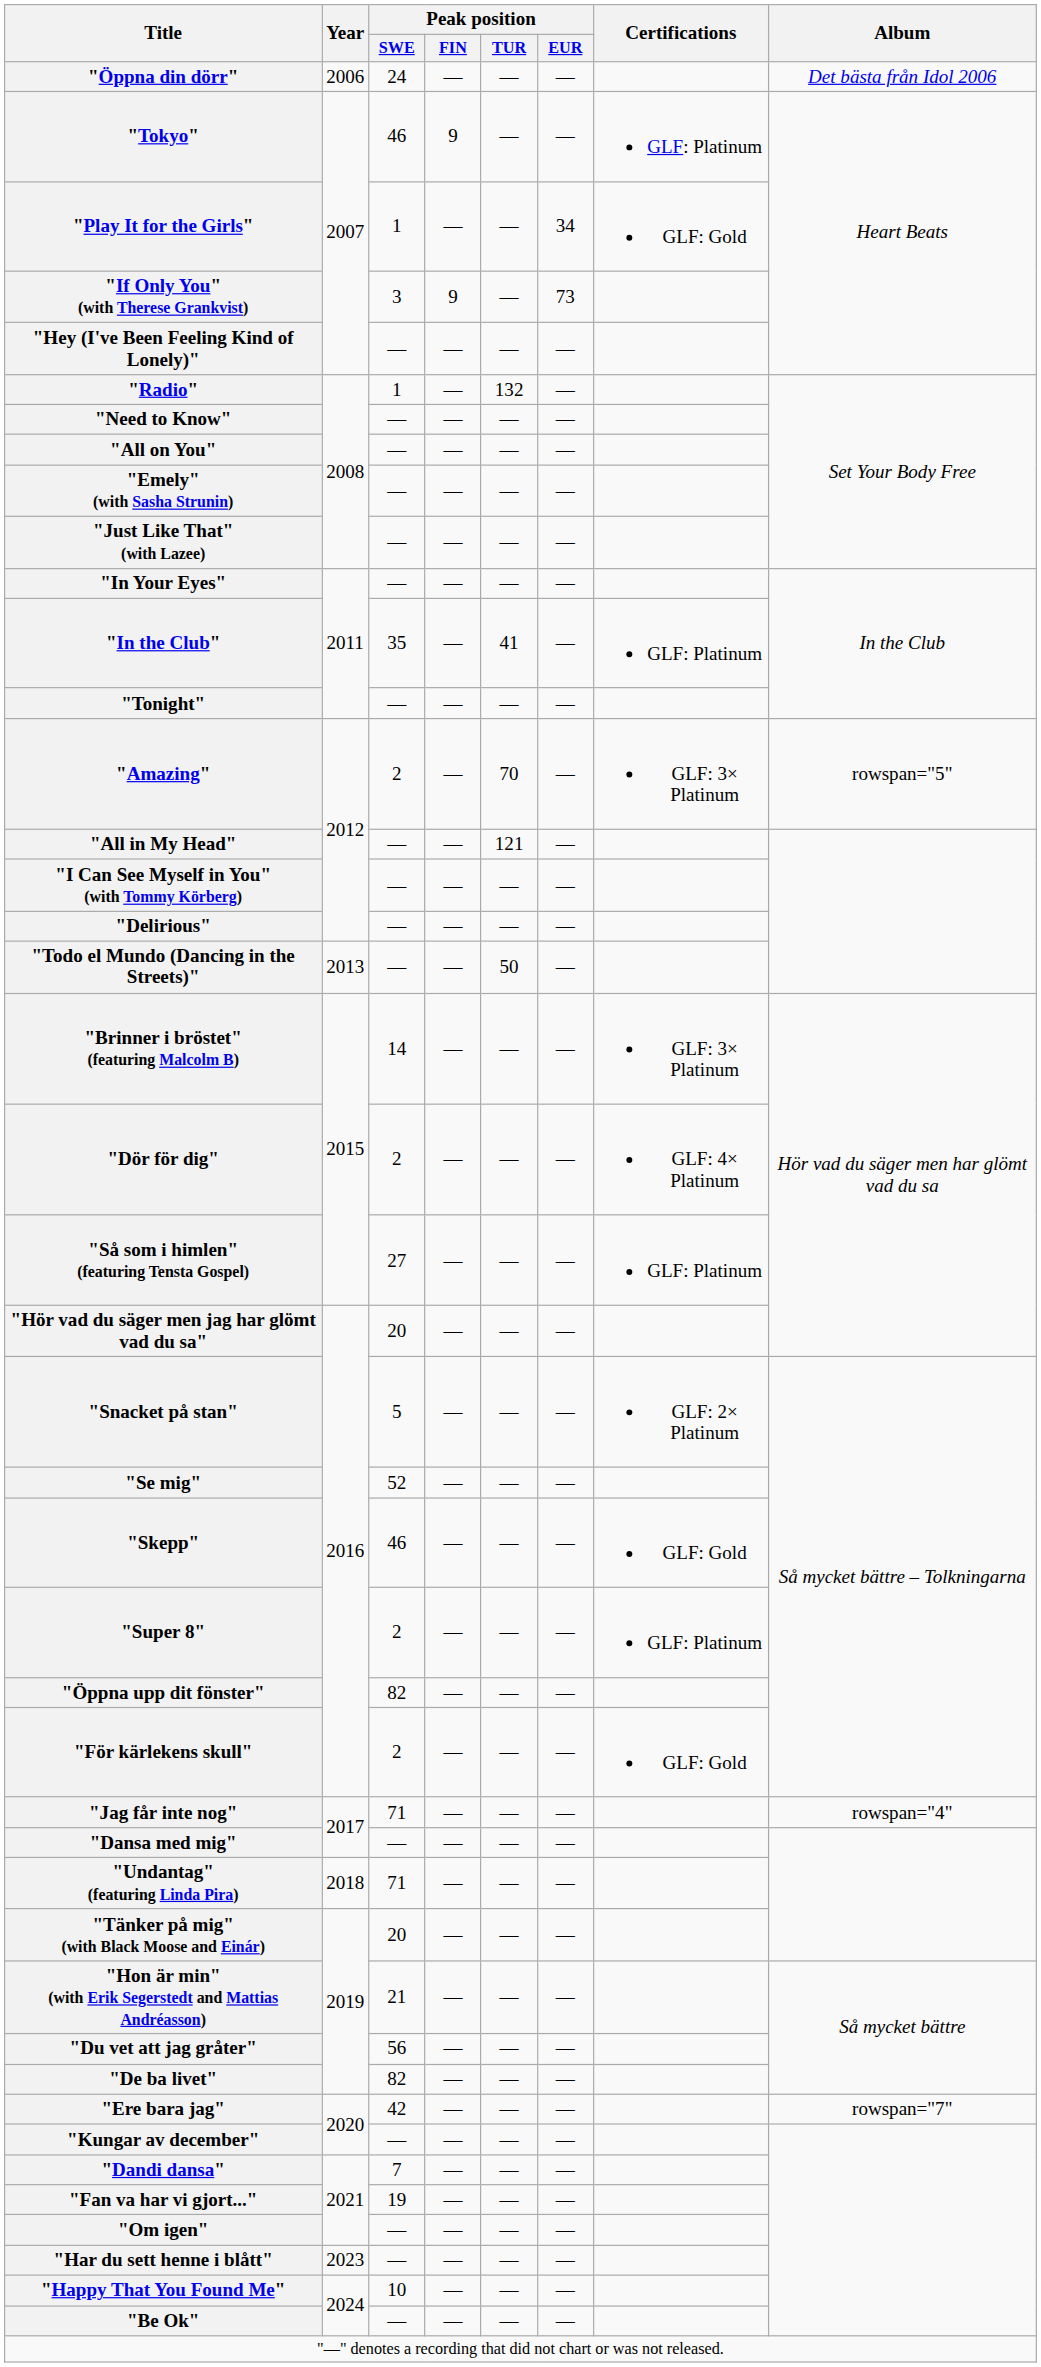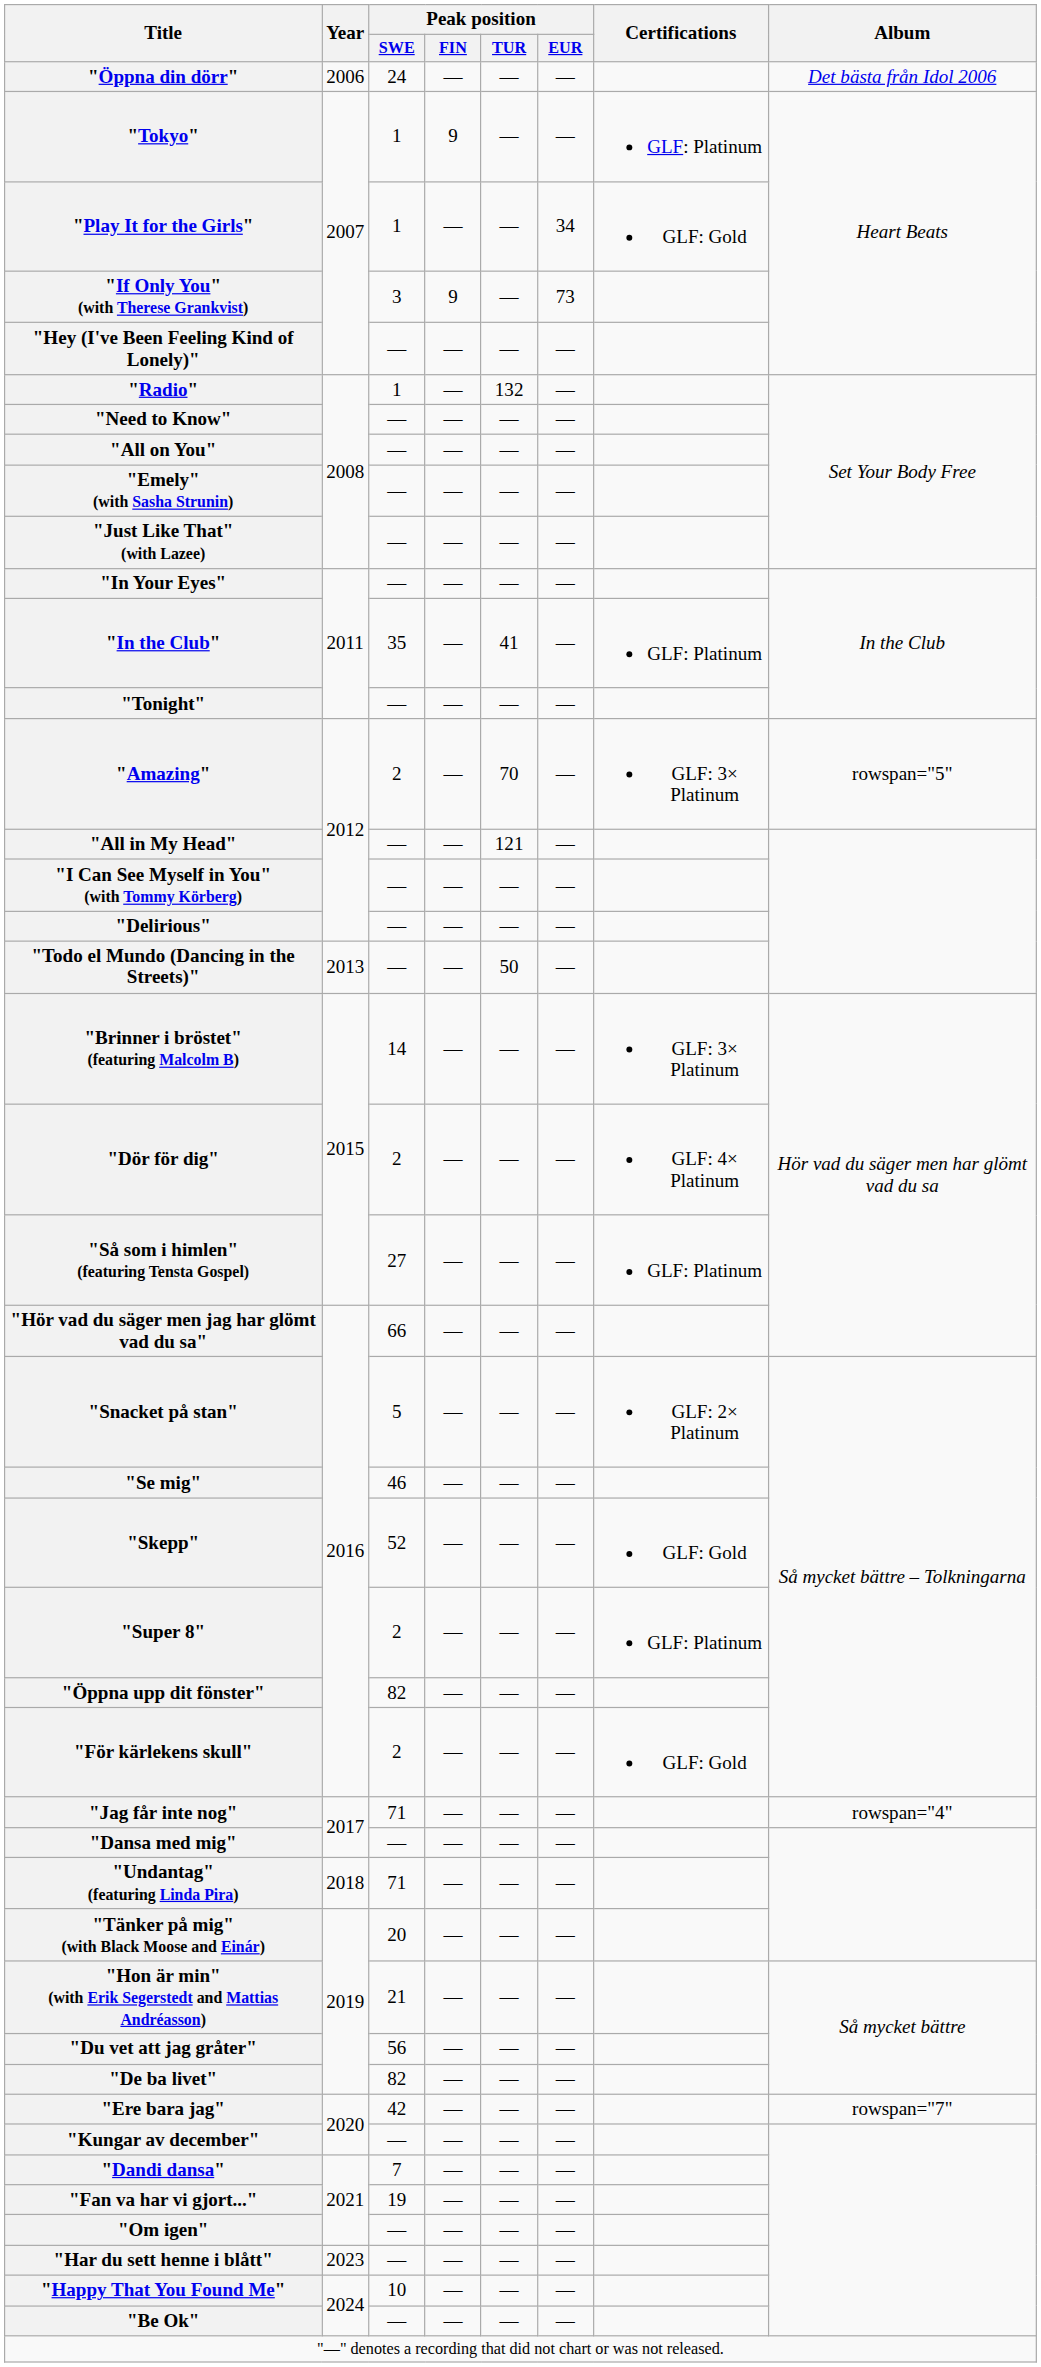 <table class="wikitable plainrowheaders" style="text-align:center;">
 <tr>
 <th rowspan="2">Title</th>
 <th rowspan="2">Year</th>
 <th colspan="4">Peak position</th>
 <th rowspan="2">Certifications</th>
 <th rowspan="2">Album</th>
 </tr>
 <tr>
 <th scope="col" style="width:3em;font-size:85%;"><a href='#'>SWE</a><br></th>
 <th scope="col" style="width:3em;font-size:85%;"><a href='#'>FIN</a></th>
 <th scope="col" style="width:3em;font-size:85%;"><a href='#'>TUR</a><br></th>
 <th scope="col" style="width:3em;font-size:85%;"><a href='#'>EUR</a></th>
 </tr>
 <tr>
 <th scope="row">"<a href='#'>Öppna din dörr</a>"</th>
 <td>2006</td>
 <td>24</td>
 <td>—</td>
 <td>—</td>
 <td>—</td>
 <td></td>
 <td><em><a href='#'>Det bästa från Idol 2006</a></em></td>
 </tr>
 <tr>
 <th scope="row">"<a href='#'>Tokyo</a>"</th>
 <td rowspan="4">2007</td>
-<td>46</td>
+<td>1</td>
 <td>9</td>
 <td>—</td>
 <td>—</td>
 <td><br><ul><li><a href='#'>GLF</a>: Platinum</li></ul></td>
 <td rowspan="4"><em>Heart Beats</em></td>
 </tr>
 <tr>
 <th scope="row">"<a href='#'>Play It for the Girls</a>"</th>
 <td>1</td>
 <td>—</td>
 <td>—</td>
 <td>34</td>
 <td><br><ul><li>GLF: Gold</li></ul></td>
 </tr>
 <tr>
 <th scope="row">"<a href='#'>If Only You</a>"<br><small>(with <a href='#'>Therese Grankvist</a>)</small></th>
 <td>3</td>
 <td>9</td>
 <td>—</td>
 <td>73</td>
 <td></td>
 </tr>
 <tr>
 <th scope="row">"Hey (I've Been Feeling Kind of Lonely)"</th>
 <td>—</td>
 <td>—</td>
 <td>—</td>
 <td>—</td>
 <td></td>
 </tr>
 <tr>
 <th scope="row">"<a href='#'>Radio</a>"</th>
 <td rowspan="5">2008</td>
 <td>1</td>
 <td>—</td>
 <td>132</td>
 <td>—</td>
 <td></td>
 <td rowspan="5"><em>Set Your Body Free</em></td>
 </tr>
 <tr>
 <th scope="row">"Need to Know"</th>
 <td>—</td>
 <td>—</td>
 <td>—</td>
 <td>—</td>
 <td></td>
 </tr>
 <tr>
 <th scope="row">"All on You"</th>
 <td>—</td>
 <td>—</td>
 <td>—</td>
 <td>—</td>
 <td></td>
 </tr>
 <tr>
 <th scope="row">"Emely"<br><small>(with <a href='#'>Sasha Strunin</a>)</small></th>
 <td>—</td>
 <td>—</td>
 <td>—</td>
 <td>—</td>
 <td></td>
 </tr>
 <tr>
 <th scope="row">"Just Like That"<br><small>(with Lazee)</small></th>
 <td>—</td>
 <td>—</td>
 <td>—</td>
 <td>—</td>
 <td></td>
 </tr>
 <tr>
 <th scope="row">"In Your Eyes"</th>
 <td rowspan="3">2011</td>
 <td>—</td>
 <td>—</td>
 <td>—</td>
 <td>—</td>
 <td></td>
 <td rowspan="3"><em>In the Club</em></td>
 </tr>
 <tr>
 <th scope="row">"<a href='#'>In the Club</a>"</th>
 <td>35</td>
 <td>—</td>
 <td>41</td>
 <td>—</td>
 <td><br><ul><li>GLF: Platinum</li></ul></td>
 </tr>
 <tr>
 <th scope="row">"Tonight"</th>
 <td>—</td>
 <td>—</td>
 <td>—</td>
 <td>—</td>
 <td></td>
 </tr>
 <tr>
 <th scope="row">"<a href='#'>Amazing</a>"</th>
 <td rowspan="4">2012</td>
 <td>2</td>
 <td>—</td>
 <td>70</td>
 <td>—</td>
 <td><br><ul><li>GLF: 3× Platinum</li></ul></td>
 <td>rowspan="5" </td>
 </tr>
 <tr>
 <th scope="row">"All in My Head"</th>
 <td>—</td>
 <td>—</td>
 <td>121</td>
 <td>—</td>
 <td></td>
 </tr>
 <tr>
 <th scope="row">"I Can See Myself in You"<br><small>(with <a href='#'>Tommy Körberg</a>)</small></th>
 <td>—</td>
 <td>—</td>
 <td>—</td>
 <td>—</td>
 <td></td>
 </tr>
 <tr>
 <th scope="row">"Delirious"</th>
 <td>—</td>
 <td>—</td>
 <td>—</td>
 <td>—</td>
 <td></td>
 </tr>
 <tr>
 <th scope="row">"Todo el Mundo (Dancing in the Streets)"</th>
 <td>2013</td>
 <td>—</td>
 <td>—</td>
 <td>50</td>
 <td>—</td>
 <td></td>
 </tr>
 <tr>
 <th scope="row">"Brinner i bröstet"<br><small>(featuring <a href='#'>Malcolm B</a>)</small></th>
 <td rowspan="3">2015</td>
 <td>14</td>
 <td>—</td>
 <td>—</td>
 <td>—</td>
 <td><br><ul><li>GLF: 3× Platinum</li></ul></td>
 <td rowspan="4"><em>Hör vad du säger men har glömt vad du sa</em></td>
 </tr>
 <tr>
 <th scope="row">"Dör för dig"</th>
 <td>2</td>
 <td>—</td>
 <td>—</td>
 <td>—</td>
 <td><br><ul><li>GLF: 4× Platinum</li></ul></td>
 </tr>
 <tr>
 <th scope="row">"Så som i himlen"<br><small>(featuring Tensta Gospel)</small></th>
 <td>27</td>
 <td>—</td>
 <td>—</td>
 <td>—</td>
 <td><br><ul><li>GLF: Platinum</li></ul></td>
 </tr>
 <tr>
 <th scope="row">"Hör vad du säger men jag har glömt vad du sa"</th>
 <td rowspan="7">2016</td>
-<td>20</td>
+<td>66</td>
 <td>—</td>
 <td>—</td>
 <td>—</td>
 <td></td>
 </tr>
 <tr>
 <th scope="row">"Snacket på stan"</th>
 <td>5</td>
 <td>—</td>
 <td>—</td>
 <td>—</td>
 <td><br><ul><li>GLF: 2× Platinum</li></ul></td>
 <td rowspan="6"><em>Så mycket bättre – Tolkningarna</em></td>
 </tr>
 <tr>
 <th scope="row">"Se mig"</th>
-<td>52</td>
+<td>46</td>
 <td>—</td>
 <td>—</td>
 <td>—</td>
 <td></td>
 </tr>
 <tr>
 <th scope="row">"Skepp"</th>
-<td>46</td>
+<td>52</td>
 <td>—</td>
 <td>—</td>
 <td>—</td>
 <td><br><ul><li>GLF: Gold</li></ul></td>
 </tr>
 <tr>
 <th scope="row">"Super 8"</th>
 <td>2</td>
 <td>—</td>
 <td>—</td>
 <td>—</td>
 <td><br><ul><li>GLF: Platinum</li></ul></td>
 </tr>
 <tr>
 <th scope="row">"Öppna upp dit fönster"</th>
 <td>82</td>
 <td>—</td>
 <td>—</td>
 <td>—</td>
 <td></td>
 </tr>
 <tr>
 <th scope="row">"För kärlekens skull"</th>
 <td>2</td>
 <td>—</td>
 <td>—</td>
 <td>—</td>
 <td><br><ul><li>GLF: Gold</li></ul></td>
 </tr>
 <tr>
 <th scope="row">"Jag får inte nog"</th>
 <td rowspan="2">2017</td>
 <td>71</td>
 <td>—</td>
 <td>—</td>
 <td>—</td>
 <td></td>
 <td>rowspan="4" </td>
 </tr>
 <tr>
 <th scope="row">"Dansa med mig"</th>
 <td>—</td>
 <td>—</td>
 <td>—</td>
 <td>—</td>
 <td></td>
 </tr>
 <tr>
 <th scope="row">"Undantag"<br><small>(featuring <a href='#'>Linda Pira</a>)</small></th>
 <td>2018</td>
 <td>71</td>
 <td>—</td>
 <td>—</td>
 <td>—</td>
 <td></td>
 </tr>
 <tr>
 <th scope="row">"Tänker på mig"<br><small>(with Black Moose and <a href='#'>Einár</a>)</small></th>
 <td rowspan="4">2019</td>
 <td>20</td>
 <td>—</td>
 <td>—</td>
 <td>—</td>
 <td></td>
 </tr>
 <tr>
 <th scope="row">"Hon är min"<br><small>(with <a href='#'>Erik Segerstedt</a> and <a href='#'>Mattias Andréasson</a>)</small></th>
 <td>21</td>
 <td>—</td>
 <td>—</td>
 <td>—</td>
 <td></td>
 <td rowspan="3"><em>Så mycket bättre</em></td>
 </tr>
 <tr>
 <th scope="row">"Du vet att jag gråter"</th>
 <td>56</td>
 <td>—</td>
 <td>—</td>
 <td>—</td>
 <td></td>
 </tr>
 <tr>
 <th scope="row">"De ba livet"</th>
 <td>82</td>
 <td>—</td>
 <td>—</td>
 <td>—</td>
 <td></td>
 </tr>
 <tr>
 <th scope="row">"Ere bara jag"</th>
 <td rowspan="2">2020</td>
 <td>42</td>
 <td>—</td>
 <td>—</td>
 <td>—</td>
 <td></td>
 <td>rowspan="7" </td>
 </tr>
 <tr>
 <th scope="row">"Kungar av december"<br></th>
 <td>—</td>
 <td>—</td>
 <td>—</td>
 <td>—</td>
 <td></td>
 </tr>
 <tr>
 <th scope="row">"<a href='#'>Dandi dansa</a>"</th>
 <td rowspan="3">2021</td>
 <td>7</td>
 <td>—</td>
 <td>—</td>
 <td>—</td>
 <td></td>
 </tr>
 <tr>
 <th scope="row">"Fan va har vi gjort..."<br></th>
 <td>19</td>
 <td>—</td>
 <td>—</td>
 <td>—</td>
 <td></td>
 </tr>
 <tr>
 <th scope="row">"Om igen"</th>
 <td>—</td>
 <td>—</td>
 <td>—</td>
 <td>—</td>
 <td></td>
 </tr>
 <tr>
 <th scope="row">"Har du sett henne i blått"</th>
 <td>2023</td>
 <td>—</td>
 <td>—</td>
 <td>—</td>
 <td>—</td>
 <td></td>
 </tr>
 <tr>
 <th scope="row">"<a href='#'>Happy That You Found Me</a>"</th>
 <td rowspan="2">2024</td>
 <td>10<br></td>
 <td>—</td>
 <td>—</td>
 <td>—</td>
 <td></td>
 </tr>
 <tr>
 <th scope="row">"Be Ok"<br></th>
 <td>—</td>
 <td>—</td>
 <td>—</td>
 <td>—</td>
 <td></td>
 </tr>
 <tr>
 <td style="font-size:85%;" colspan="22">"—" denotes a recording that did not chart or was not released.</td>
 </tr>
 </table>
